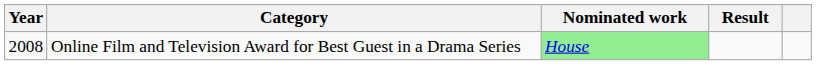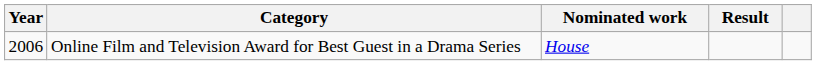 <table class="wikitable">
 <tr>
 <th>Year</th>
 <th width="450">Category</th>
 <th width="148">Nominated work</th>
 <th width="60">Result</th>
 <th width="20" class="unsortable"></th>
 </tr>
 <tr>
-<td>2008</td>
+<td>2006</td>
 <td>Online Film and Television Award for Best Guest in a Drama Series</td>
-<td style="background: lightgreen;"><em><a href='#'>House</a></em></td>
+<td><em><a href='#'>House</a></em></td>
 <td></td>
 <td></td>
 </tr>
 </table>
